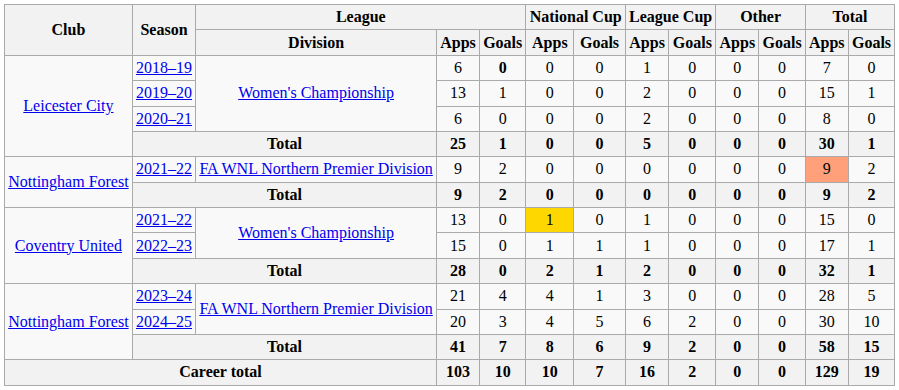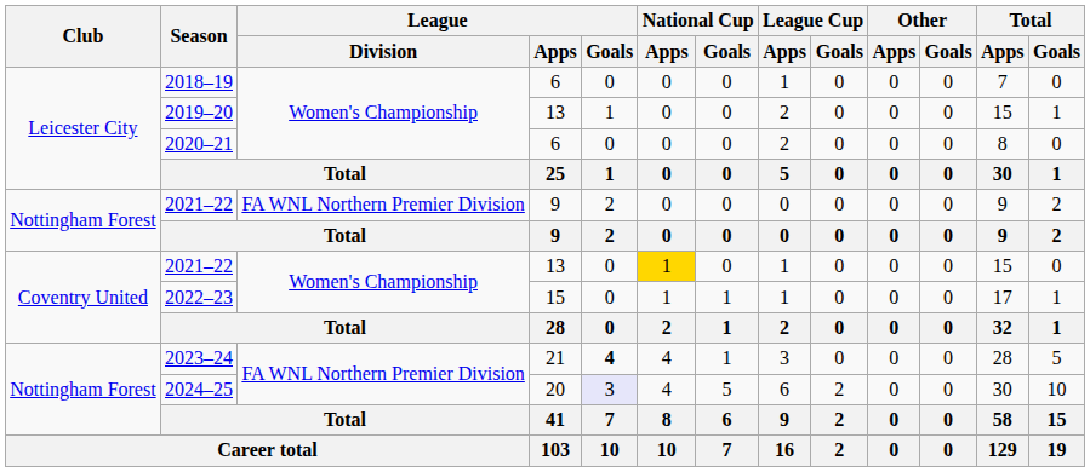 <table class="wikitable" style="text-align: center">
 <tr>
 <th rowspan="2">Club</th>
 <th rowspan="2">Season</th>
 <th colspan="3">League</th>
 <th colspan="2">National Cup</th>
 <th colspan="2">League Cup</th>
 <th colspan="2">Other</th>
 <th colspan="2">Total</th>
 </tr>
 <tr>
 <th>Division</th>
 <th>Apps</th>
 <th>Goals</th>
 <th>Apps</th>
 <th>Goals</th>
 <th>Apps</th>
 <th>Goals</th>
 <th>Apps</th>
 <th>Goals</th>
 <th>Apps</th>
 <th>Goals</th>
 </tr>
 <tr>
 <td rowspan="4"><a href='#'>Leicester City</a></td>
 <td><a href='#'>2018–19</a></td>
 <td rowspan="3"><a href='#'>Women's Championship</a></td>
 <td>6</td>
-<td><strong>0</strong></td>
+<td>0</td>
 <td>0</td>
 <td>0</td>
 <td>1</td>
 <td>0</td>
 <td>0</td>
 <td>0</td>
 <td>7</td>
 <td>0</td>
 </tr>
 <tr>
 <td><a href='#'>2019–20</a></td>
 <td>13</td>
 <td>1</td>
 <td>0</td>
 <td>0</td>
 <td>2</td>
 <td>0</td>
 <td>0</td>
 <td>0</td>
 <td>15</td>
 <td>1</td>
 </tr>
 <tr>
 <td><a href='#'>2020–21</a></td>
 <td>6</td>
 <td>0</td>
 <td>0</td>
 <td>0</td>
 <td>2</td>
 <td>0</td>
 <td>0</td>
 <td>0</td>
 <td>8</td>
 <td>0</td>
 </tr>
 <tr>
 <th colspan="2"><strong>Total</strong></th>
 <th>25</th>
 <th>1</th>
 <th>0</th>
 <th>0</th>
 <th>5</th>
 <th>0</th>
 <th>0</th>
 <th>0</th>
 <th>30</th>
 <th>1</th>
 </tr>
 <tr>
 <td rowspan="2"><a href='#'>Nottingham Forest</a></td>
 <td><a href='#'>2021–22</a></td>
 <td><a href='#'>FA WNL Northern Premier Division</a></td>
 <td>9</td>
 <td>2</td>
 <td>0</td>
 <td>0</td>
 <td>0</td>
 <td>0</td>
 <td>0</td>
 <td>0</td>
-<td style="background: lightsalmon;">9</td>
+<td>9</td>
 <td>2</td>
 </tr>
 <tr>
 <th colspan="2"><strong>Total</strong></th>
 <th>9</th>
 <th>2</th>
 <th>0</th>
 <th>0</th>
 <th>0</th>
 <th>0</th>
 <th>0</th>
 <th>0</th>
 <th>9</th>
 <th>2</th>
 </tr>
 <tr>
 <td rowspan="3"><a href='#'>Coventry United</a></td>
 <td><a href='#'>2021–22</a></td>
 <td rowspan="2"><a href='#'>Women's Championship</a></td>
 <td>13</td>
 <td>0</td>
 <td style="background: gold;">1</td>
 <td>0</td>
 <td>1</td>
 <td>0</td>
 <td>0</td>
 <td>0</td>
 <td>15</td>
 <td>0</td>
 </tr>
 <tr>
 <td><a href='#'>2022–23</a></td>
 <td>15</td>
 <td>0</td>
 <td>1</td>
 <td>1</td>
 <td>1</td>
 <td>0</td>
 <td>0</td>
 <td>0</td>
 <td>17</td>
 <td>1</td>
 </tr>
 <tr>
 <th colspan="2"><strong>Total</strong></th>
 <th>28</th>
 <th>0</th>
 <th>2</th>
 <th>1</th>
 <th>2</th>
 <th>0</th>
 <th>0</th>
 <th>0</th>
 <th>32</th>
 <th>1</th>
 </tr>
 <tr>
 <td rowspan="3"><a href='#'>Nottingham Forest</a></td>
 <td><a href='#'>2023–24</a></td>
 <td rowspan="2"><a href='#'>FA WNL Northern Premier Division</a></td>
 <td>21</td>
-<td>4</td>
+<td><strong>4</strong></td>
 <td>4</td>
 <td>1</td>
 <td>3</td>
 <td>0</td>
 <td>0</td>
 <td>0</td>
 <td>28</td>
 <td>5</td>
 </tr>
 <tr>
 <td><a href='#'>2024–25</a></td>
 <td>20</td>
-<td>3</td>
+<td style="background: lavender;">3</td>
 <td>4</td>
 <td>5</td>
 <td>6</td>
 <td>2</td>
 <td>0</td>
 <td>0</td>
 <td>30</td>
 <td>10</td>
 </tr>
 <tr>
 <th colspan="2"><strong>Total</strong></th>
 <th>41</th>
 <th>7</th>
 <th>8</th>
 <th>6</th>
 <th>9</th>
 <th>2</th>
 <th>0</th>
 <th>0</th>
 <th>58</th>
 <th>15</th>
 </tr>
 <tr>
 <th colspan="3"><strong>Career total</strong></th>
 <th>103</th>
 <th>10</th>
 <th>10</th>
 <th>7</th>
 <th>16</th>
 <th>2</th>
 <th>0</th>
 <th>0</th>
 <th>129</th>
 <th>19</th>
 </tr>
 </table>
